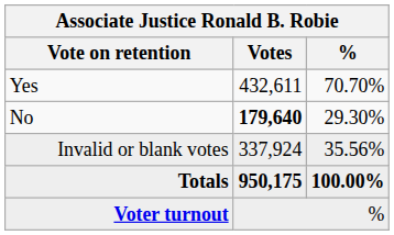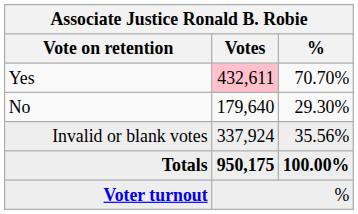 <table class="wikitable" style="font-size: 95%;">
 <tr style="background-color:#E9E9E9">
 <th colspan=7>Associate Justice Ronald B. Robie</th>
 </tr>
 <tr style="background-color:#E9E9E9">
 <th style="width: 170px">Vote on retention</th>
 <th style="width: 50px">Votes</th>
 <th style="width: 40px">%</th>
 </tr>
 <tr>
 <td>Yes</td>
-<td align="right">432,611</td>
+<td align="right" style="background: pink;">432,611</td>
 <td align="right">70.70%</td>
 </tr>
 <tr>
 <td>No</td>
-<td align="right"><strong>179,640</strong></td>
+<td align="right">179,640</td>
 <td align="right">29.30%</td>
 </tr>
 <tr bgcolor="#EEEEEE">
 <td align="right">Invalid or blank votes</td>
 <td align="right">337,924</td>
 <td align="right">35.56%</td>
 </tr>
 <tr bgcolor="#EEEEEE">
 <td align="right"><strong>Totals</strong></td>
 <td align="right"><strong>950,175</strong></td>
 <td align="right"><strong>100.00%</strong></td>
 </tr>
 <tr bgcolor="#EEEEEE">
 <td align="right"><strong><a href='#'>Voter turnout</a></strong></td>
 <td colspan="2" align="right">%</td>
 </tr>
 </table>
